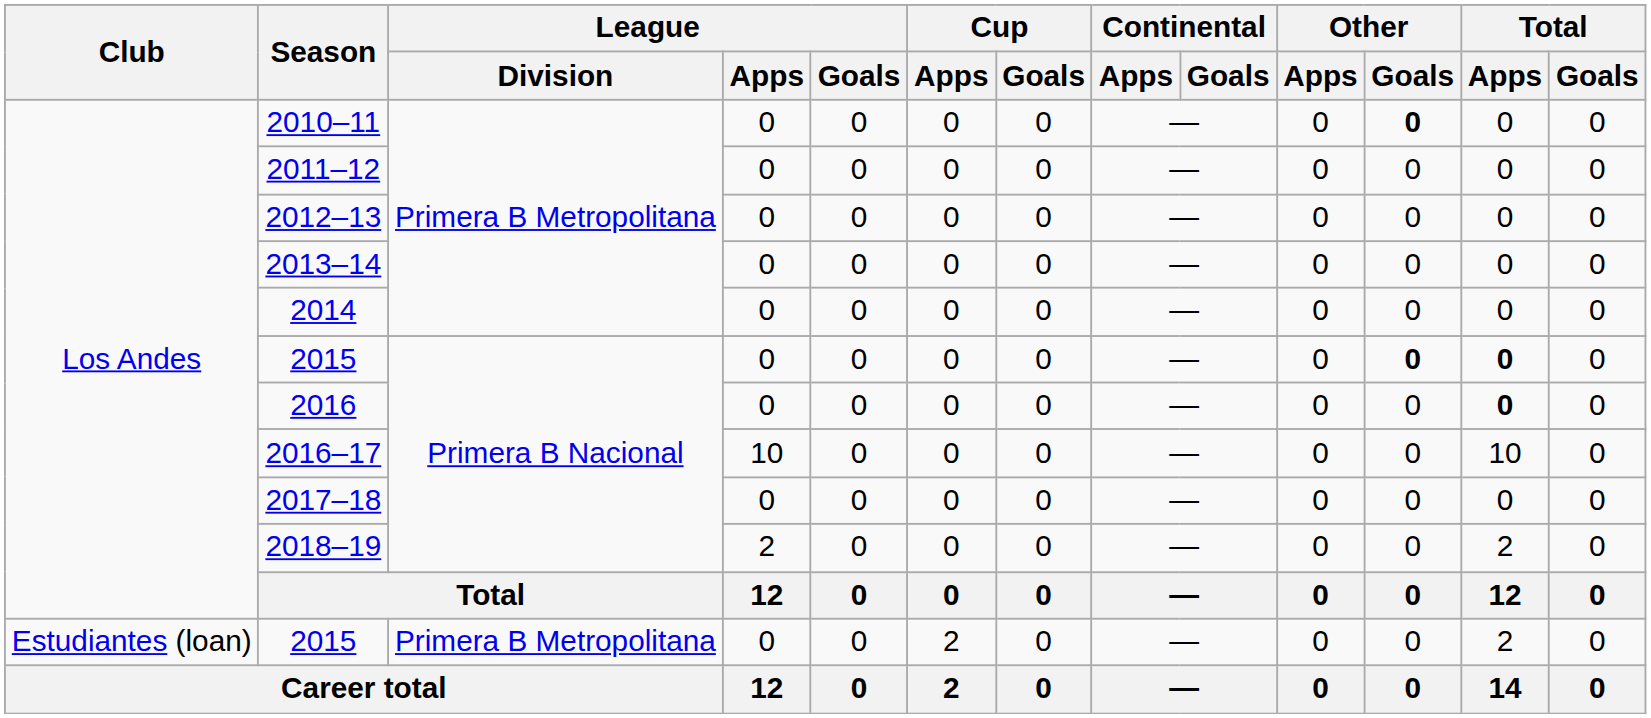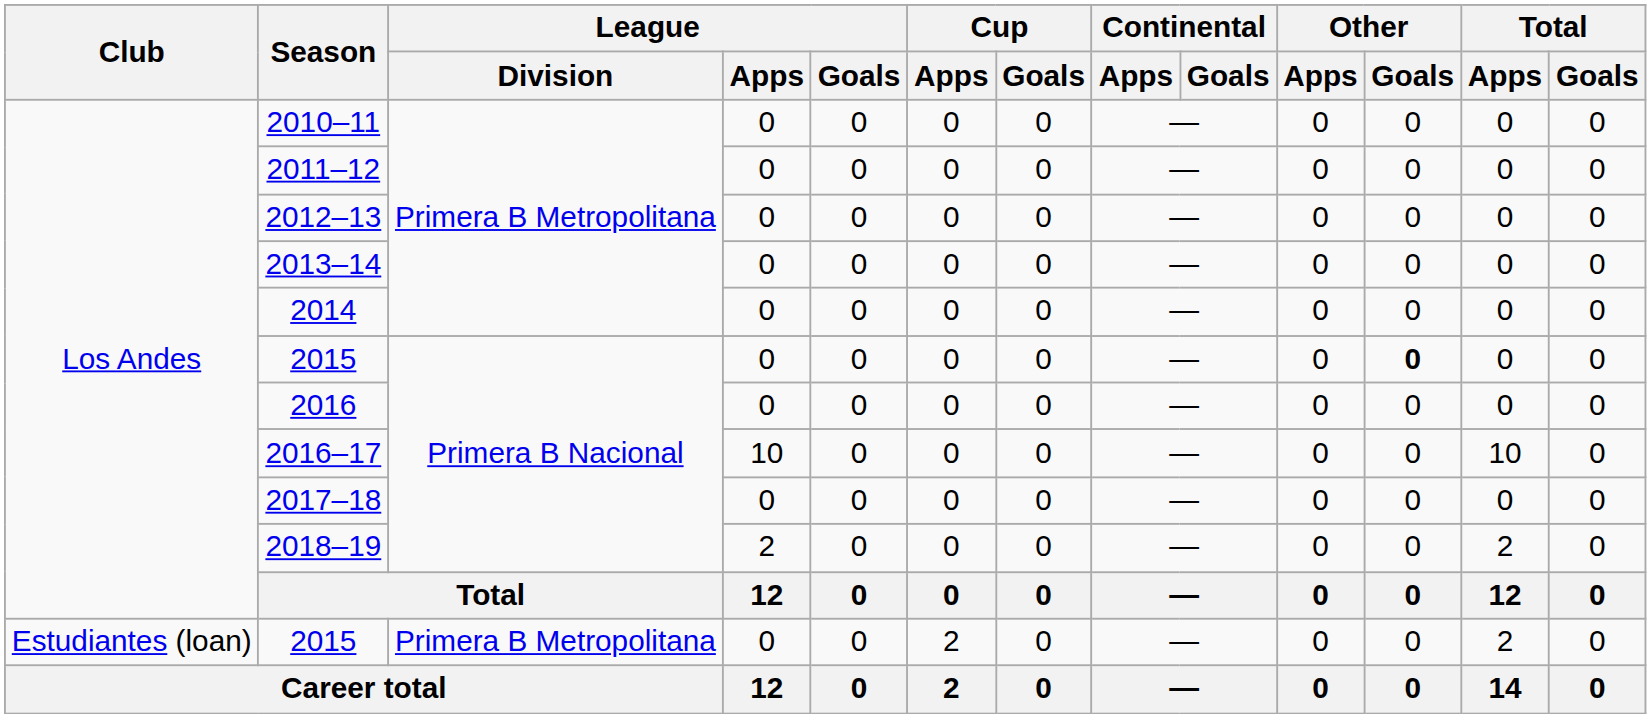 <table class="wikitable" style="text-align:center">
 <tr>
 <th rowspan="2">Club</th>
 <th rowspan="2">Season</th>
 <th colspan="3">League</th>
 <th colspan="2">Cup</th>
 <th colspan="2">Continental</th>
 <th colspan="2">Other</th>
 <th colspan="2">Total</th>
 </tr>
 <tr>
 <th>Division</th>
 <th>Apps</th>
 <th>Goals</th>
 <th>Apps</th>
 <th>Goals</th>
 <th>Apps</th>
 <th>Goals</th>
 <th>Apps</th>
 <th>Goals</th>
 <th>Apps</th>
 <th>Goals</th>
 </tr>
 <tr>
 <td rowspan="11"><a href='#'>Los Andes</a></td>
 <td><a href='#'>2010–11</a></td>
 <td rowspan="5"><a href='#'>Primera B Metropolitana</a></td>
 <td>0</td>
 <td>0</td>
 <td>0</td>
 <td>0</td>
 <td colspan="2">—</td>
 <td>0</td>
-<td><strong>0</strong></td>
+<td>0</td>
 <td>0</td>
 <td>0</td>
 </tr>
 <tr>
 <td><a href='#'>2011–12</a></td>
 <td>0</td>
 <td>0</td>
 <td>0</td>
 <td>0</td>
 <td colspan="2">—</td>
 <td>0</td>
 <td>0</td>
 <td>0</td>
 <td>0</td>
 </tr>
 <tr>
 <td><a href='#'>2012–13</a></td>
 <td>0</td>
 <td>0</td>
 <td>0</td>
 <td>0</td>
 <td colspan="2">—</td>
 <td>0</td>
 <td>0</td>
 <td>0</td>
 <td>0</td>
 </tr>
 <tr>
 <td><a href='#'>2013–14</a></td>
 <td>0</td>
 <td>0</td>
 <td>0</td>
 <td>0</td>
 <td colspan="2">—</td>
 <td>0</td>
 <td>0</td>
 <td>0</td>
 <td>0</td>
 </tr>
 <tr>
 <td><a href='#'>2014</a></td>
 <td>0</td>
 <td>0</td>
 <td>0</td>
 <td>0</td>
 <td colspan="2">—</td>
 <td>0</td>
 <td>0</td>
 <td>0</td>
 <td>0</td>
 </tr>
 <tr>
 <td><a href='#'>2015</a></td>
 <td rowspan="5"><a href='#'>Primera B Nacional</a></td>
 <td>0</td>
 <td>0</td>
 <td>0</td>
 <td>0</td>
 <td colspan="2">—</td>
 <td>0</td>
 <td><strong>0</strong></td>
-<td><strong>0</strong></td>
+<td>0</td>
 <td>0</td>
 </tr>
 <tr>
 <td><a href='#'>2016</a></td>
 <td>0</td>
 <td>0</td>
 <td>0</td>
 <td>0</td>
 <td colspan="2">—</td>
 <td>0</td>
 <td>0</td>
-<td><strong>0</strong></td>
+<td>0</td>
 <td>0</td>
 </tr>
 <tr>
 <td><a href='#'>2016–17</a></td>
 <td>10</td>
 <td>0</td>
 <td>0</td>
 <td>0</td>
 <td colspan="2">—</td>
 <td>0</td>
 <td>0</td>
 <td>10</td>
 <td>0</td>
 </tr>
 <tr>
 <td><a href='#'>2017–18</a></td>
 <td>0</td>
 <td>0</td>
 <td>0</td>
 <td>0</td>
 <td colspan="2">—</td>
 <td>0</td>
 <td>0</td>
 <td>0</td>
 <td>0</td>
 </tr>
 <tr>
 <td><a href='#'>2018–19</a></td>
 <td>2</td>
 <td>0</td>
 <td>0</td>
 <td>0</td>
 <td colspan="2">—</td>
 <td>0</td>
 <td>0</td>
 <td>2</td>
 <td>0</td>
 </tr>
 <tr>
 <th colspan="2">Total</th>
 <th>12</th>
 <th>0</th>
 <th>0</th>
 <th>0</th>
 <th colspan="2">—</th>
 <th>0</th>
 <th>0</th>
 <th>12</th>
 <th>0</th>
 </tr>
 <tr>
 <td rowspan="1"><a href='#'>Estudiantes</a> (loan)</td>
 <td><a href='#'>2015</a></td>
 <td rowspan="1"><a href='#'>Primera B Metropolitana</a></td>
 <td>0</td>
 <td>0</td>
 <td>2</td>
 <td>0</td>
 <td colspan="2">—</td>
 <td>0</td>
 <td>0</td>
 <td>2</td>
 <td>0</td>
 </tr>
 <tr>
 <th colspan="3">Career total</th>
 <th>12</th>
 <th>0</th>
 <th>2</th>
 <th>0</th>
 <th colspan="2">—</th>
 <th>0</th>
 <th>0</th>
 <th>14</th>
 <th>0</th>
 </tr>
 </table>
